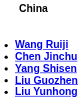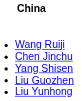 <table>
 <tr>
 <th>China</th>
 </tr>
 <tr>
-<td><strong><br><ul><li><a href='#'>Wang Ruiji</a></li><li><a href='#'>Chen Jinchu</a></li><li><a href='#'>Yang Shisen</a></li><li><a href='#'>Liu Guozhen</a></li><li><a href='#'>Liu Yunhong</a></li></ul></strong></td>
+<td><br><ul><li><a href='#'>Wang Ruiji</a></li><li><a href='#'>Chen Jinchu</a></li><li><a href='#'>Yang Shisen</a></li><li><a href='#'>Liu Guozhen</a></li><li><a href='#'>Liu Yunhong</a></li></ul></td>
 </tr>
 </table>
